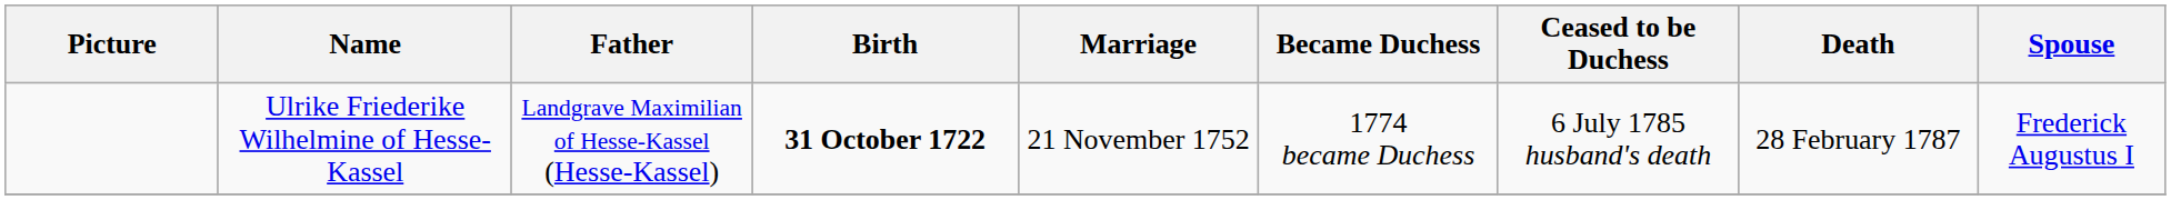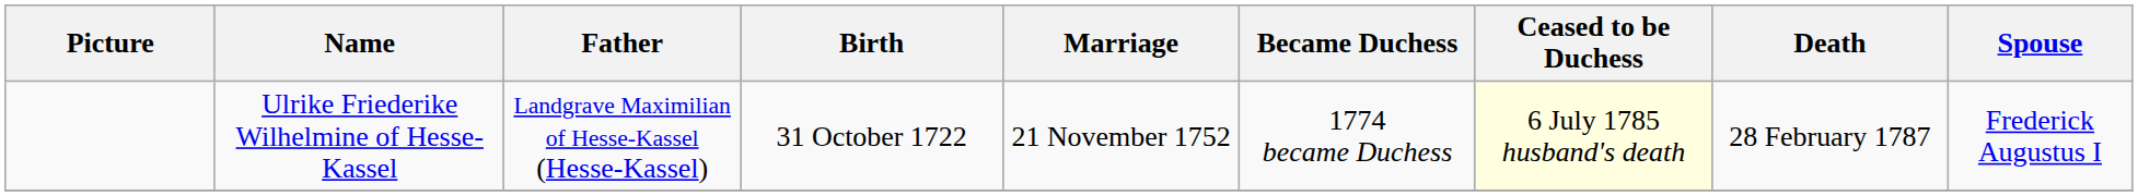 <table width=95% class="wikitable">
 <tr>
 <th width = "8%">Picture</th>
 <th width = "11%">Name</th>
 <th width = "9%">Father</th>
 <th width = "10%">Birth</th>
 <th width = "9%">Marriage</th>
 <th width = "9%">Became Duchess</th>
 <th width = "9%">Ceased to be Duchess</th>
 <th width = "9%">Death</th>
 <th width = "7%"><a href='#'>Spouse</a></th>
 </tr>
 <tr>
 <td align="center"></td>
 <td align="center"><a href='#'>Ulrike Friederike Wilhelmine of Hesse-Kassel</a></td>
 <td align="center"><small><a href='#'>Landgrave Maximilian of Hesse-Kassel</a></small> <br> (<a href='#'>Hesse-Kassel</a>)</td>
-<td align=center><strong>31 October 1722</strong></td>
+<td align=center>31 October 1722</td>
 <td align=center>21 November 1752</td>
 <td align=center>1774<br><em>became Duchess</em></td>
-<td align="center">6 July 1785<br><em>husband's death</em></td>
+<td align="center" style="background: lightyellow;">6 July 1785<br><em>husband's death</em></td>
 <td align="center">28 February 1787</td>
 <td align=center><a href='#'>Frederick Augustus I</a></td>
 </tr>
 <tr>
 </tr>
 </table>
